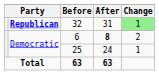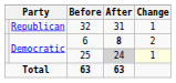 <table class="wikitable" style="text-align:center;">
 <tr>
 </tr>
 <tr>
 <th colspan=2>Party</th>
 <th>Before</th>
 <th>After</th>
 <th>Change</th>
 </tr>
 <tr>
 <th style="background-color:"></th>
-<td style="text-align:left;"><strong><a href='#'>Republican</a></strong></td>
+<td style="text-align:left;"><a href='#'>Republican</a></td>
 <td>32</td>
 <td>31</td>
-<td style="background: lightgreen;"> 1</td>
+<td> 1</td>
 </tr>
 <tr>
 <th rowspan=2 style="background-color:"></th>
 <td rowspan=2 style="text-align:left;"><a href='#'>Democratic</a></td>
 <td>6</td>
 <td><strong>8</strong></td>
 <td> 2</td>
 </tr>
 <tr>
 <td>25</td>
-<td>24</td>
-<td> 1</td>
+<td style="background: lightgrey;">24</td>
+<td style="background: lightyellow;"> 1</td>
 </tr>
 <tr>
 <td colspan=2><strong>Total</strong></td>
 <td><strong>63</strong></td>
 <td><strong>63</strong></td>
 <td></td>
 </tr>
 </table>
